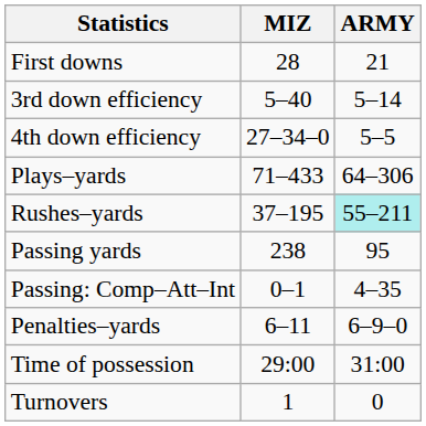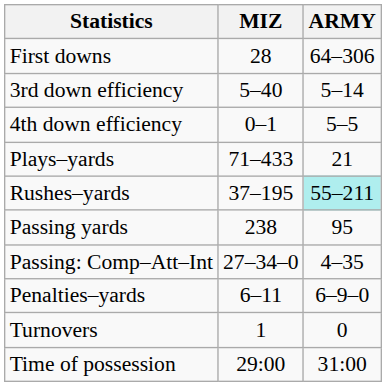 <table class="wikitable">
 <tr>
 <th>Statistics</th>
 <th>MIZ</th>
 <th>ARMY</th>
 </tr>
 <tr>
 <td>First downs</td>
 <td align=center>28</td>
-<td align=center>21</td>
+<td align=center>64–306</td>
 </tr>
 <tr>
 <td>3rd down efficiency</td>
 <td align=center>5–40</td>
 <td align=center>5–14</td>
 </tr>
 <tr>
 <td>4th down efficiency</td>
-<td align=center>27–34–0</td>
+<td align=center>0–1</td>
 <td align=center>5–5</td>
 </tr>
 <tr>
 <td>Plays–yards</td>
 <td align=center>71–433</td>
-<td align=center>64–306</td>
+<td align=center>21</td>
 </tr>
 <tr>
 <td>Rushes–yards</td>
 <td align=center>37–195</td>
 <td align=center style="background: paleturquoise;">55–211</td>
 </tr>
 <tr>
 <td>Passing yards</td>
 <td align=center>238</td>
 <td align=center>95</td>
 </tr>
 <tr>
 <td>Passing: Comp–Att–Int</td>
-<td align=center>0–1</td>
+<td align=center>27–34–0</td>
 <td align=center>4–35</td>
 </tr>
 <tr>
 <td>Penalties–yards</td>
 <td align=center>6–11</td>
 <td align=center>6–9–0</td>
 </tr>
 <tr>
+<td>Turnovers</td>
+<td align=center>1</td>
+<td align=center>0</td>
+</tr>
+<tr>
 <td>Time of possession</td>
 <td align=center>29:00</td>
 <td align=center>31:00</td>
 </tr>
-<tr>
-<td>Turnovers</td>
-<td align=center>1</td>
-<td align=center>0</td>
-</tr>
 </table>
